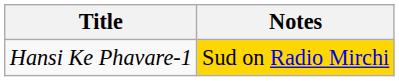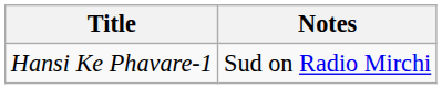 <table class="wikitable">
 <tr>
 <th>Title</th>
 <th>Notes</th>
 </tr>
 <tr>
 <td><em>Hansi Ke Phavare-1</em></td>
-<td style="background: gold;">Sud on <a href='#'>Radio Mirchi</a></td>
+<td>Sud on <a href='#'>Radio Mirchi</a></td>
 </tr>
 </table>
